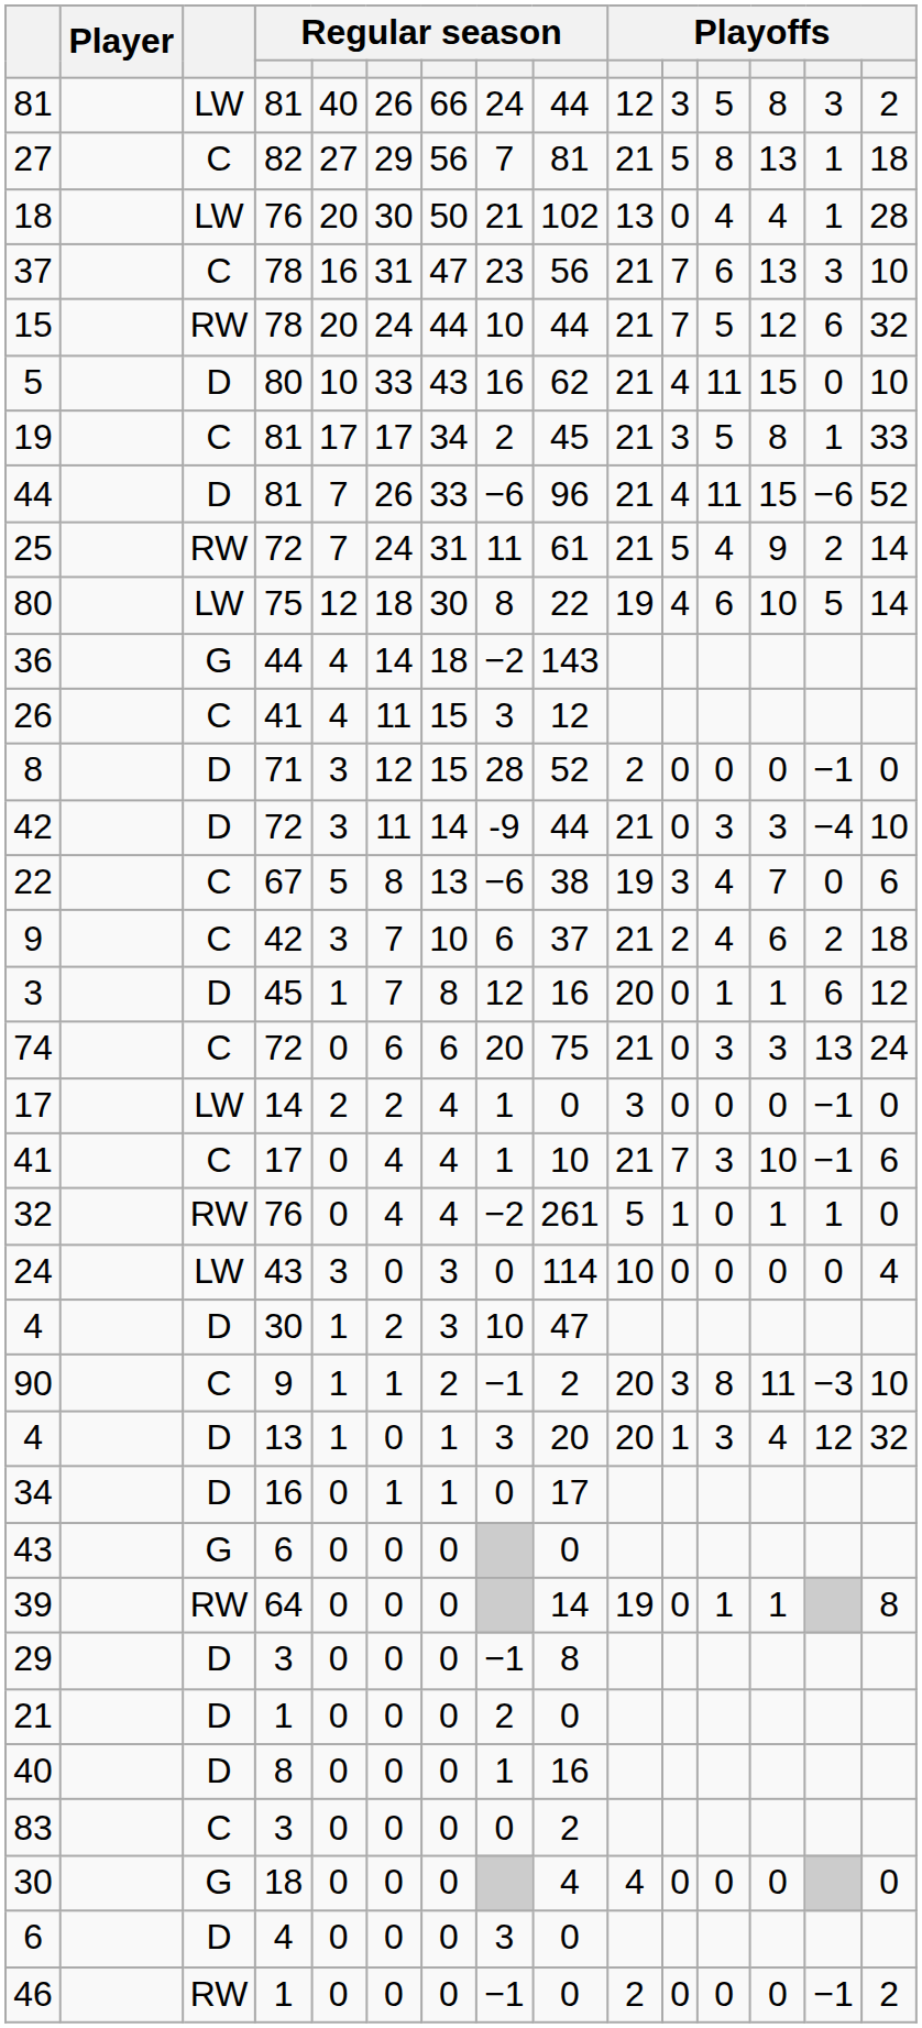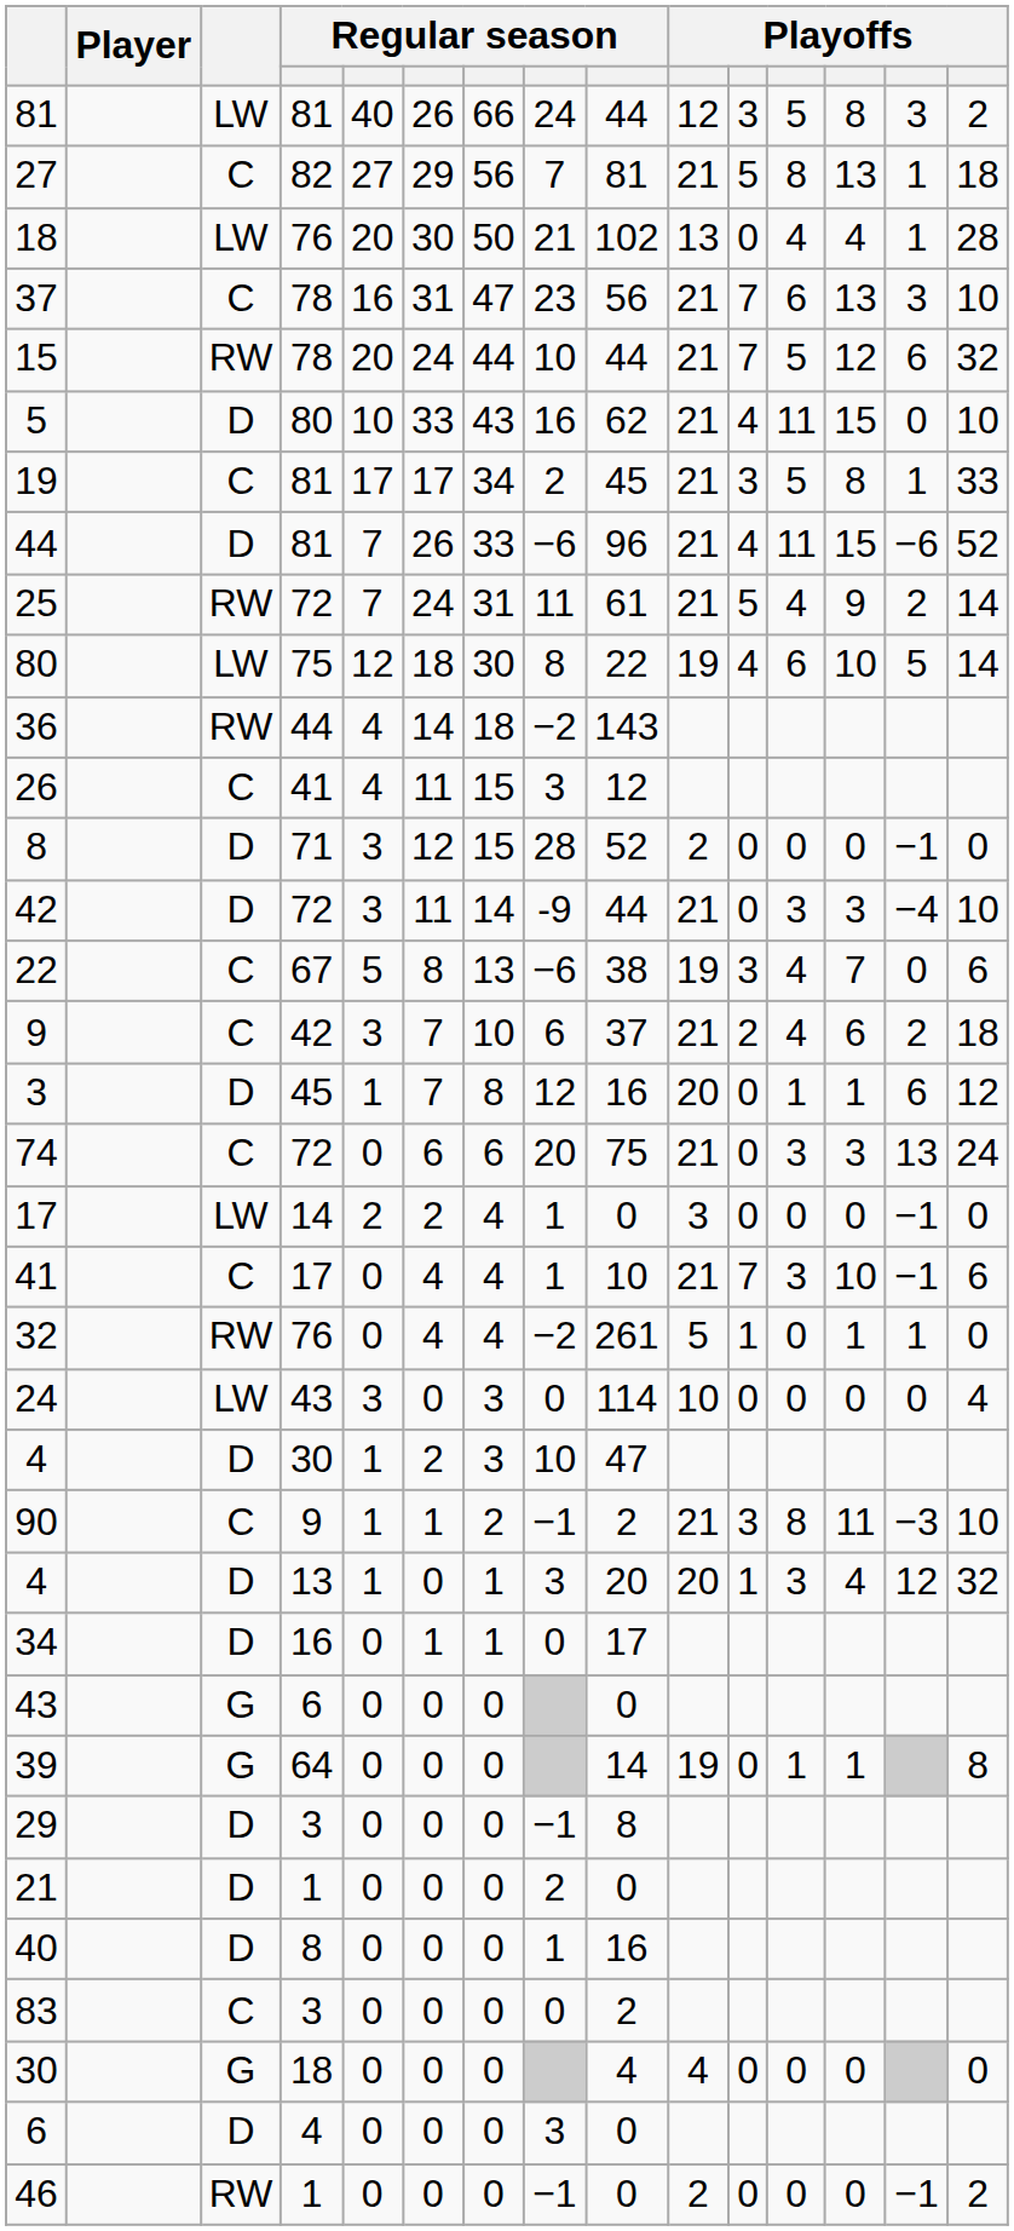 <table class="wikitable sortable plainrowheaders" style="text-align:center;">
 <tr>
 <th scope="col" data-sort-type="number" rowspan="2"></th>
 <th scope="col" rowspan="2">Player</th>
 <th scope="col" rowspan="2"></th>
 <th scope=colgroup colspan=6>Regular season</th>
 <th scope=colgroup colspan=6>Playoffs</th>
 </tr>
 <tr>
 <th scope="col" data-sort-type="number"></th>
 <th scope="col" data-sort-type="number"></th>
 <th scope="col" data-sort-type="number"></th>
 <th scope="col" data-sort-type="number"></th>
 <th scope="col" data-sort-type="number"></th>
 <th scope="col" data-sort-type="number"></th>
 <th scope="col" data-sort-type="number"></th>
 <th scope="col" data-sort-type="number"></th>
 <th scope="col" data-sort-type="number"></th>
 <th scope="col" data-sort-type="number"></th>
 <th scope="col" data-sort-type="number"></th>
 <th scope="col" data-sort-type="number"></th>
 </tr>
 <tr>
 <td scope="row">81</td>
 <td align="left"></td>
 <td>LW</td>
 <td>81</td>
 <td>40</td>
 <td>26</td>
 <td>66</td>
 <td>24</td>
 <td>44</td>
 <td>12</td>
 <td>3</td>
 <td>5</td>
 <td>8</td>
 <td>3</td>
 <td>2</td>
 </tr>
 <tr>
 <td scope="row">27</td>
 <td align="left"></td>
 <td>C</td>
 <td>82</td>
 <td>27</td>
 <td>29</td>
 <td>56</td>
 <td>7</td>
 <td>81</td>
 <td>21</td>
 <td>5</td>
 <td>8</td>
 <td>13</td>
 <td>1</td>
 <td>18</td>
 </tr>
 <tr>
 <td scope="row">18</td>
 <td align="left"></td>
 <td>LW</td>
 <td>76</td>
 <td>20</td>
 <td>30</td>
 <td>50</td>
 <td>21</td>
 <td>102</td>
 <td>13</td>
 <td>0</td>
 <td>4</td>
 <td>4</td>
 <td>1</td>
 <td>28</td>
 </tr>
 <tr>
 <td scope="row">37</td>
 <td align="left"></td>
 <td>C</td>
 <td>78</td>
 <td>16</td>
 <td>31</td>
 <td>47</td>
 <td>23</td>
 <td>56</td>
 <td>21</td>
 <td>7</td>
 <td>6</td>
 <td>13</td>
 <td>3</td>
 <td>10</td>
 </tr>
 <tr>
 <td scope="row">15</td>
 <td align="left"></td>
 <td>RW</td>
 <td>78</td>
 <td>20</td>
 <td>24</td>
 <td>44</td>
 <td>10</td>
 <td>44</td>
 <td>21</td>
 <td>7</td>
 <td>5</td>
 <td>12</td>
 <td>6</td>
 <td>32</td>
 </tr>
 <tr>
 <td scope="row">5</td>
 <td align="left"></td>
 <td>D</td>
 <td>80</td>
 <td>10</td>
 <td>33</td>
 <td>43</td>
 <td>16</td>
 <td>62</td>
 <td>21</td>
 <td>4</td>
 <td>11</td>
 <td>15</td>
 <td>0</td>
 <td>10</td>
 </tr>
 <tr>
 <td scope="row">19</td>
 <td align="left"></td>
 <td>C</td>
 <td>81</td>
 <td>17</td>
 <td>17</td>
 <td>34</td>
 <td>2</td>
 <td>45</td>
 <td>21</td>
 <td>3</td>
 <td>5</td>
 <td>8</td>
 <td>1</td>
 <td>33</td>
 </tr>
 <tr>
 <td scope="row">44</td>
 <td align="left"></td>
 <td>D</td>
 <td>81</td>
 <td>7</td>
 <td>26</td>
 <td>33</td>
 <td>−6</td>
 <td>96</td>
 <td>21</td>
 <td>4</td>
 <td>11</td>
 <td>15</td>
 <td>−6</td>
 <td>52</td>
 </tr>
 <tr>
 <td scope="row">25</td>
 <td align="left"></td>
 <td>RW</td>
 <td>72</td>
 <td>7</td>
 <td>24</td>
 <td>31</td>
 <td>11</td>
 <td>61</td>
 <td>21</td>
 <td>5</td>
 <td>4</td>
 <td>9</td>
 <td>2</td>
 <td>14</td>
 </tr>
 <tr>
 <td scope="row">80</td>
 <td align="left"></td>
 <td>LW</td>
 <td>75</td>
 <td>12</td>
 <td>18</td>
 <td>30</td>
 <td>8</td>
 <td>22</td>
 <td>19</td>
 <td>4</td>
 <td>6</td>
 <td>10</td>
 <td>5</td>
 <td>14</td>
 </tr>
 <tr>
 <td scope="row">36</td>
 <td align="left"></td>
-<td>G</td>
+<td>RW</td>
 <td>44</td>
 <td>4</td>
 <td>14</td>
 <td>18</td>
 <td>−2</td>
 <td>143</td>
 <td></td>
 <td></td>
 <td></td>
 <td></td>
 <td></td>
 <td></td>
 </tr>
 <tr>
 <td scope="row">26</td>
 <td align="left"></td>
 <td>C</td>
 <td>41</td>
 <td>4</td>
 <td>11</td>
 <td>15</td>
 <td>3</td>
 <td>12</td>
 <td></td>
 <td></td>
 <td></td>
 <td></td>
 <td></td>
 <td></td>
 </tr>
 <tr>
 <td scope="row">8</td>
 <td align="left"></td>
 <td>D</td>
 <td>71</td>
 <td>3</td>
 <td>12</td>
 <td>15</td>
 <td>28</td>
 <td>52</td>
 <td>2</td>
 <td>0</td>
 <td>0</td>
 <td>0</td>
 <td>−1</td>
 <td>0</td>
 </tr>
 <tr>
 <td scope="row">42</td>
 <td align="left"></td>
 <td>D</td>
 <td>72</td>
 <td>3</td>
 <td>11</td>
 <td>14</td>
 <td>-9</td>
 <td>44</td>
 <td>21</td>
 <td>0</td>
 <td>3</td>
 <td>3</td>
 <td>−4</td>
 <td>10</td>
 </tr>
 <tr>
 <td scope="row">22</td>
 <td align="left"></td>
 <td>C</td>
 <td>67</td>
 <td>5</td>
 <td>8</td>
 <td>13</td>
 <td>−6</td>
 <td>38</td>
 <td>19</td>
 <td>3</td>
 <td>4</td>
 <td>7</td>
 <td>0</td>
 <td>6</td>
 </tr>
 <tr>
 <td scope="row">9</td>
 <td align="left"></td>
 <td>C</td>
 <td>42</td>
 <td>3</td>
 <td>7</td>
 <td>10</td>
 <td>6</td>
 <td>37</td>
 <td>21</td>
 <td>2</td>
 <td>4</td>
 <td>6</td>
 <td>2</td>
 <td>18</td>
 </tr>
 <tr>
 <td scope="row">3</td>
 <td align="left"></td>
 <td>D</td>
 <td>45</td>
 <td>1</td>
 <td>7</td>
 <td>8</td>
 <td>12</td>
 <td>16</td>
 <td>20</td>
 <td>0</td>
 <td>1</td>
 <td>1</td>
 <td>6</td>
 <td>12</td>
 </tr>
 <tr>
 <td scope="row">74</td>
 <td align="left"></td>
 <td>C</td>
 <td>72</td>
 <td>0</td>
 <td>6</td>
 <td>6</td>
 <td>20</td>
 <td>75</td>
 <td>21</td>
 <td>0</td>
 <td>3</td>
 <td>3</td>
 <td>13</td>
 <td>24</td>
 </tr>
 <tr>
 <td scope="row">17</td>
 <td align="left"></td>
 <td>LW</td>
 <td>14</td>
 <td>2</td>
 <td>2</td>
 <td>4</td>
 <td>1</td>
 <td>0</td>
 <td>3</td>
 <td>0</td>
 <td>0</td>
 <td>0</td>
 <td>−1</td>
 <td>0</td>
 </tr>
 <tr>
 <td scope="row">41</td>
 <td align="left"></td>
 <td>C</td>
 <td>17</td>
 <td>0</td>
 <td>4</td>
 <td>4</td>
 <td>1</td>
 <td>10</td>
 <td>21</td>
 <td>7</td>
 <td>3</td>
 <td>10</td>
 <td>−1</td>
 <td>6</td>
 </tr>
 <tr>
 <td scope="row">32</td>
 <td align="left"></td>
 <td>RW</td>
 <td>76</td>
 <td>0</td>
 <td>4</td>
 <td>4</td>
 <td>−2</td>
 <td>261</td>
 <td>5</td>
 <td>1</td>
 <td>0</td>
 <td>1</td>
 <td>1</td>
 <td>0</td>
 </tr>
 <tr>
 <td scope="row">24</td>
 <td align="left"></td>
 <td>LW</td>
 <td>43</td>
 <td>3</td>
 <td>0</td>
 <td>3</td>
 <td>0</td>
 <td>114</td>
 <td>10</td>
 <td>0</td>
 <td>0</td>
 <td>0</td>
 <td>0</td>
 <td>4</td>
 </tr>
 <tr>
 <td scope="row">4</td>
 <td align="left"></td>
 <td>D</td>
 <td>30</td>
 <td>1</td>
 <td>2</td>
 <td>3</td>
 <td>10</td>
 <td>47</td>
 <td></td>
 <td></td>
 <td></td>
 <td></td>
 <td></td>
 <td></td>
 </tr>
 <tr>
 <td scope="row">90</td>
 <td align="left"></td>
 <td>C</td>
 <td>9</td>
 <td>1</td>
 <td>1</td>
 <td>2</td>
 <td>−1</td>
 <td>2</td>
-<td>20</td>
+<td>21</td>
 <td>3</td>
 <td>8</td>
 <td>11</td>
 <td>−3</td>
 <td>10</td>
 </tr>
 <tr>
 <td scope="row">4</td>
 <td align="left"></td>
 <td>D</td>
 <td>13</td>
 <td>1</td>
 <td>0</td>
 <td>1</td>
 <td>3</td>
 <td>20</td>
 <td>20</td>
 <td>1</td>
 <td>3</td>
 <td>4</td>
 <td>12</td>
 <td>32</td>
 </tr>
 <tr>
 <td scope="row">34</td>
 <td align="left"></td>
 <td>D</td>
 <td>16</td>
 <td>0</td>
 <td>1</td>
 <td>1</td>
 <td>0</td>
 <td>17</td>
 <td></td>
 <td></td>
 <td></td>
 <td></td>
 <td></td>
 <td></td>
 </tr>
 <tr>
 <td scope="row">43</td>
 <td align="left"></td>
 <td>G</td>
 <td>6</td>
 <td>0</td>
 <td>0</td>
 <td>0</td>
 <td style="background:#ccc"></td>
 <td>0</td>
 <td></td>
 <td></td>
 <td></td>
 <td></td>
 <td></td>
 <td></td>
 </tr>
 <tr>
 <td scope="row">39</td>
 <td align="left"></td>
-<td>RW</td>
+<td>G</td>
 <td>64</td>
 <td>0</td>
 <td>0</td>
 <td>0</td>
 <td style="background:#ccc"></td>
 <td>14</td>
 <td>19</td>
 <td>0</td>
 <td>1</td>
 <td>1</td>
 <td style="background:#ccc"></td>
 <td>8</td>
 </tr>
 <tr>
 <td scope="row">29</td>
 <td align="left"></td>
 <td>D</td>
 <td>3</td>
 <td>0</td>
 <td>0</td>
 <td>0</td>
 <td>−1</td>
 <td>8</td>
 <td></td>
 <td></td>
 <td></td>
 <td></td>
 <td></td>
 <td></td>
 </tr>
 <tr>
 <td scope="row">21</td>
 <td align="left"></td>
 <td>D</td>
 <td>1</td>
 <td>0</td>
 <td>0</td>
 <td>0</td>
 <td>2</td>
 <td>0</td>
 <td></td>
 <td></td>
 <td></td>
 <td></td>
 <td></td>
 <td></td>
 </tr>
 <tr>
 <td scope="row">40</td>
 <td align="left"></td>
 <td>D</td>
 <td>8</td>
 <td>0</td>
 <td>0</td>
 <td>0</td>
 <td>1</td>
 <td>16</td>
 <td></td>
 <td></td>
 <td></td>
 <td></td>
 <td></td>
 <td></td>
 </tr>
 <tr>
 <td scope="row">83</td>
 <td align="left"></td>
 <td>C</td>
 <td>3</td>
 <td>0</td>
 <td>0</td>
 <td>0</td>
 <td>0</td>
 <td>2</td>
 <td></td>
 <td></td>
 <td></td>
 <td></td>
 <td></td>
 <td></td>
 </tr>
 <tr>
 <td scope="row">30</td>
 <td align="left"></td>
 <td>G</td>
 <td>18</td>
 <td>0</td>
 <td>0</td>
 <td>0</td>
 <td style="background:#ccc"></td>
 <td>4</td>
 <td>4</td>
 <td>0</td>
 <td>0</td>
 <td>0</td>
 <td style="background:#ccc"></td>
 <td>0</td>
 </tr>
 <tr>
 <td scope="row">6</td>
 <td align="left"></td>
 <td>D</td>
 <td>4</td>
 <td>0</td>
 <td>0</td>
 <td>0</td>
 <td>3</td>
 <td>0</td>
 <td></td>
 <td></td>
 <td></td>
 <td></td>
 <td></td>
 <td></td>
 </tr>
 <tr>
 <td scope="row">46</td>
 <td align="left"></td>
 <td>RW</td>
 <td>1</td>
 <td>0</td>
 <td>0</td>
 <td>0</td>
 <td>−1</td>
 <td>0</td>
 <td>2</td>
 <td>0</td>
 <td>0</td>
 <td>0</td>
 <td>−1</td>
 <td>2</td>
 </tr>
 </table>
